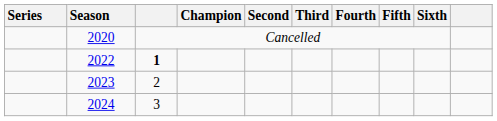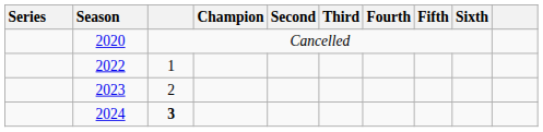 <table class = "wikitable sortable" style="text-align:center; font-size:95%;">
 <tr>
 <th style="width:4.2em; padding-right:2px; text-align:left;">Series</th>
 <th style="width:4.7em; padding-right:2px; text-align:left;">Season</th>
 <th style="width:2.7em; padding-right:2px; text-align:left;"></th>
 <th>Champion</th>
 <th>Second</th>
 <th>Third</th>
 <th>Fourth</th>
 <th>Fifth</th>
 <th>Sixth</th>
 <th style="width:2.7em; padding-right:2px; text-align:left;"></th>
 </tr>
 <tr>
 <td></td>
 <td><a href='#'>2020</a></td>
 <td colspan=7><em>Cancelled</em></td>
 <td></td>
 </tr>
 <tr>
 <td></td>
 <td><a href='#'>2022</a></td>
-<td><strong>1</strong></td>
+<td>1</td>
 <td></td>
 <td></td>
 <td></td>
 <td></td>
 <td></td>
 <td></td>
 <td></td>
 </tr>
 <tr>
 <td></td>
 <td><a href='#'>2023</a></td>
 <td>2</td>
 <td align="centre"></td>
 <td></td>
 <td></td>
 <td></td>
 <td></td>
 <td></td>
 <td></td>
 </tr>
 <tr>
 <td></td>
 <td><a href='#'>2024</a></td>
-<td>3</td>
+<td><strong>3</strong></td>
 <td align="centre"></td>
 <td></td>
 <td></td>
 <td></td>
 <td></td>
 <td></td>
 <td></td>
 </tr>
 </table>
